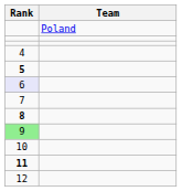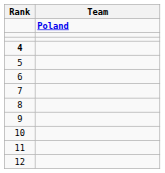 <table class="wikitable" style="text-align: center;">
 <tr>
 <th width=40>Rank</th>
 <th width=180>Team</th>
 </tr>
 <tr align=center>
 <td></td>
-<td style="text-align:left;"> <a href='#'>Poland</a></td>
+<td style="text-align:left;"><strong> <a href='#'>Poland</a></strong></td>
 </tr>
 <tr align=center>
 <td></td>
 <td style="text-align:left;"></td>
 </tr>
 <tr align=center>
 <td></td>
 <td style="text-align:left;"></td>
 </tr>
 <tr align=center>
-<td>4</td>
+<td><strong>4</strong></td>
 <td style="text-align:left;"></td>
 </tr>
 <tr align=center>
-<td><strong>5</strong></td>
+<td>5</td>
 <td style="text-align:left;"></td>
 </tr>
 <tr align=center>
-<td style="background: lavender;">6</td>
+<td>6</td>
 <td style="text-align:left;"></td>
 </tr>
 <tr align=center>
 <td>7</td>
 <td style="text-align:left;"></td>
 </tr>
 <tr align=center>
-<td><strong>8</strong></td>
+<td>8</td>
 <td style="text-align:left;"></td>
 </tr>
 <tr align=center>
-<td style="background: lightgreen;">9</td>
+<td>9</td>
 <td style="text-align:left;"></td>
 </tr>
 <tr align=center>
 <td>10</td>
 <td style="text-align:left;"></td>
 </tr>
 <tr align=center>
-<td><strong>11</strong></td>
+<td>11</td>
 <td style="text-align:left;"></td>
 </tr>
 <tr align=center>
 <td>12</td>
 <td style="text-align:left;"></td>
 </tr>
 </table>
